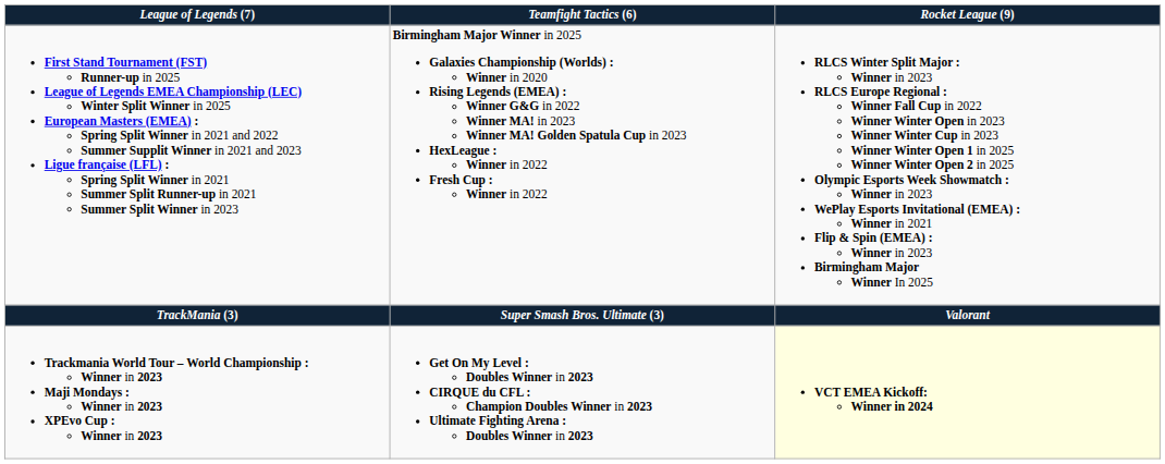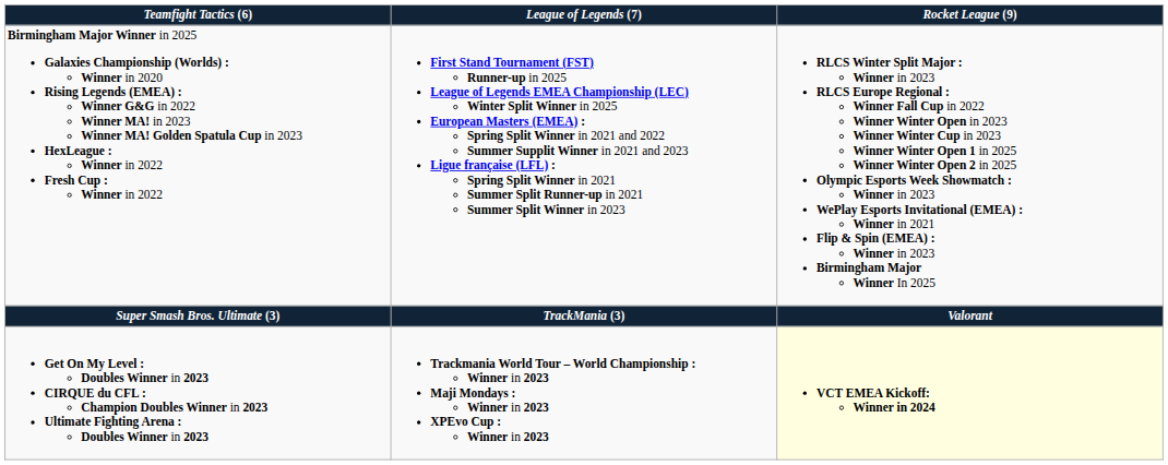 <table class="wikitable centre" width="100%" align="center" style="font-size:85%">
 <tr>
+<th width="25%" style="color:#FFFFFF; background:#102337;"><em>Teamfight Tactics</em> (6)</th>
 <th width="25%" style="color:#FFFFFF; background:#102337;"><em>League of Legends</em> (7)</th>
-<th width="25%" style="color:#FFFFFF; background:#102337;"><em>Teamfight Tactics</em> (6)</th>
 <th width="25%" style="color:#FFFFFF; background:#102337;"><em>Rocket League</em> (9)</th>
 </tr>
 <tr style="vertical-align:top;">
+<td><strong>Birmingham Major Winner</strong> in 2025<br><ul><li><strong>Galaxies Championship (Worlds) :</strong><ul><li><strong>Winner</strong> in 2020</li></ul></li><li><strong>Rising Legends (EMEA) :</strong><ul><li><strong>Winner G&G</strong> in 2022</li><li><strong>Winner MA!</strong> in 2023</li><li><strong>Winner MA! Golden Spatula Cup</strong> in 2023</li></ul></li><li><strong>HexLeague :</strong><ul><li><strong>Winner</strong> in 2022</li></ul></li><li><strong>Fresh Cup :</strong><ul><li><strong>Winner</strong> in 2022</li></ul></li></ul></td>
 <td><br><ul><li><strong><a href='#'>First Stand Tournament (FST)</a></strong><ul><li><strong>Runner-up</strong> in 2025</li></ul></li><li><strong><a href='#'>League of Legends EMEA Championship (LEC)</a></strong><ul><li><strong>Winter Split Winner</strong> in 2025</li></ul></li><li><strong><a href='#'>European Masters (EMEA)</a> :</strong><ul><li><strong>Spring Split Winner</strong> in 2021 and 2022</li><li><strong>Summer Supplit Winner</strong> in 2021 and 2023</li></ul></li><li><strong><a href='#'>Ligue française (LFL)</a> :</strong><ul><li><strong>Spring Split Winner</strong> in 2021</li><li><strong>Summer Split Runner-up</strong> in 2021</li><li><strong>Summer Split Winner</strong> in 2023</li></ul></li></ul></td>
-<td><strong>Birmingham Major Winner</strong> in 2025<br><ul><li><strong>Galaxies Championship (Worlds) :</strong><ul><li><strong>Winner</strong> in 2020</li></ul></li><li><strong>Rising Legends (EMEA) :</strong><ul><li><strong>Winner G&G</strong> in 2022</li><li><strong>Winner MA!</strong> in 2023</li><li><strong>Winner MA! Golden Spatula Cup</strong> in 2023</li></ul></li><li><strong>HexLeague :</strong><ul><li><strong>Winner</strong> in 2022</li></ul></li><li><strong>Fresh Cup :</strong><ul><li><strong>Winner</strong> in 2022</li></ul></li></ul></td>
 <td><br><ul><li><strong>RLCS Winter Split Major :</strong><ul><li><strong>Winner</strong> in 2023</li></ul></li><li><strong>RLCS Europe Regional :</strong><ul><li><strong>Winner Fall Cup</strong> in 2022</li><li><strong>Winner Winter Open</strong> in 2023</li><li><strong>Winner Winter Cup</strong> in 2023</li><li><strong>Winner Winter Open 1</strong> in 2025</li><li><strong>Winner Winter Open 2</strong> in 2025</li></ul></li><li><strong>Olympic Esports Week Showmatch :</strong><ul><li><strong>Winner</strong> in 2023</li></ul></li><li><strong>WePlay Esports Invitational (EMEA) :</strong><ul><li><strong>Winner</strong> in 2021</li></ul></li><li><strong>Flip & Spin (EMEA) :</strong><ul><li><strong>Winner</strong> in 2023</li></ul></li><li><strong>Birmingham Major</strong><ul><li><strong>Winner</strong> In 2025</li></ul></li></ul></td>
 </tr>
 <tr>
+<th style="color:#FFFFFF; background:#102337;"><em>Super Smash Bros. Ultimate</em> (3)</th>
 <th style="color:#FFFFFF; background:#102337;"><em>TrackMania</em> (3)</th>
-<th style="color:#FFFFFF; background:#102337;"><em>Super Smash Bros. Ultimate</em> (3)</th>
 <th style="color:#FFFFFF; background:#102337;"><em>Valorant</em></th>
 </tr>
 <tr>
+<td><br><ul><li><strong>Get On My Level :</strong><ul><li><strong>Doubles Winner</strong> in <strong>2023</strong></li></ul></li><li><strong>CIRQUE du CFL :</strong><ul><li><strong>Champion Doubles Winner</strong> in <strong>2023</strong></li></ul></li><li><strong>Ultimate Fighting Arena :</strong><ul><li><strong>Doubles Winner</strong> in <strong>2023</strong></li></ul></li></ul></td>
 <td><br><ul><li><strong>Trackmania World Tour – World Championship :</strong><ul><li><strong>Winner</strong> in <strong>2023</strong></li></ul></li><li><strong>Maji Mondays :</strong><ul><li><strong>Winner</strong> in <strong>2023</strong></li></ul></li><li><strong>XPEvo Cup :</strong><ul><li><strong>Winner</strong> in <strong>2023</strong></li></ul></li></ul></td>
-<td><br><ul><li><strong>Get On My Level :</strong><ul><li><strong>Doubles Winner</strong> in <strong>2023</strong></li></ul></li><li><strong>CIRQUE du CFL :</strong><ul><li><strong>Champion Doubles Winner</strong> in <strong>2023</strong></li></ul></li><li><strong>Ultimate Fighting Arena :</strong><ul><li><strong>Doubles Winner</strong> in <strong>2023</strong></li></ul></li></ul></td>
 <td style="background: lightyellow;"><br><ul><li><strong>VCT EMEA Kickoff:</strong><ul><li><strong>Winner in 2024</strong></li></ul></li></ul></td>
 </tr>
 </table>
